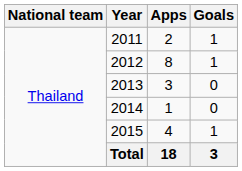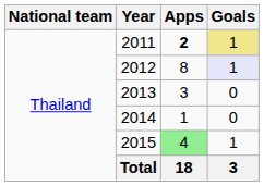 <table class="wikitable" style="text-align:center">
 <tr>
 <th>National team</th>
 <th>Year</th>
 <th>Apps</th>
 <th>Goals</th>
 </tr>
 <tr>
 <td rowspan="6" valign="center"><a href='#'>Thailand</a></td>
 <td>2011</td>
-<td>2</td>
-<td>1</td>
+<td><strong>2</strong></td>
+<td style="background: khaki;">1</td>
 </tr>
 <tr>
 <td>2012</td>
 <td>8</td>
-<td>1</td>
+<td style="background: lavender;">1</td>
 </tr>
 <tr>
 <td>2013</td>
 <td>3</td>
 <td>0</td>
 </tr>
 <tr>
 <td>2014</td>
 <td>1</td>
 <td>0</td>
 </tr>
 <tr>
 <td>2015</td>
-<td>4</td>
+<td style="background: lightgreen;">4</td>
 <td>1</td>
 </tr>
 <tr>
 <th>Total</th>
 <th>18</th>
 <th>3</th>
 </tr>
 </table>
